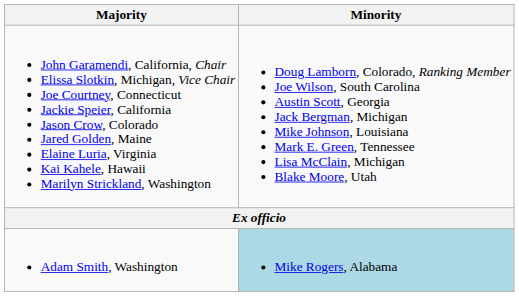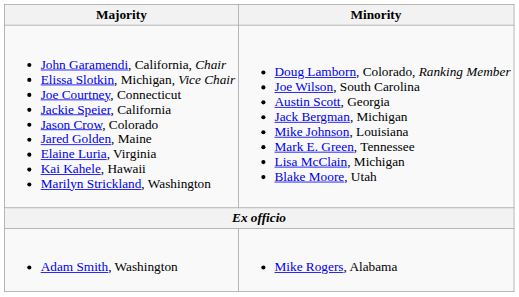 <table class=wikitable>
 <tr>
 <th>Majority</th>
 <th>Minority</th>
 </tr>
 <tr>
 <td><br><ul><li><a href='#'>John Garamendi</a>, California, <em>Chair</em></li><li><a href='#'>Elissa Slotkin</a>, Michigan, <em>Vice Chair</em></li><li><a href='#'>Joe Courtney</a>, Connecticut</li><li><a href='#'>Jackie Speier</a>, California</li><li><a href='#'>Jason Crow</a>, Colorado</li><li><a href='#'>Jared Golden</a>, Maine</li><li><a href='#'>Elaine Luria</a>, Virginia</li><li><a href='#'>Kai Kahele</a>, Hawaii</li><li><a href='#'>Marilyn Strickland</a>, Washington</li></ul></td>
 <td><br><ul><li><a href='#'>Doug Lamborn</a>, Colorado, <em>Ranking Member</em></li><li><a href='#'>Joe Wilson</a>, South Carolina</li><li><a href='#'>Austin Scott</a>, Georgia</li><li><a href='#'>Jack Bergman</a>, Michigan</li><li><a href='#'>Mike Johnson</a>, Louisiana</li><li><a href='#'>Mark E. Green</a>, Tennessee</li><li><a href='#'>Lisa McClain</a>, Michigan</li><li><a href='#'>Blake Moore</a>, Utah</li></ul></td>
 </tr>
 <tr>
 <th colspan=2><em>Ex officio</em></th>
 </tr>
 <tr>
 <td><br><ul><li><a href='#'>Adam Smith</a>, Washington</li></ul></td>
-<td style="background: lightblue;"><br><ul><li><a href='#'>Mike Rogers</a>, Alabama</li></ul></td>
+<td><br><ul><li><a href='#'>Mike Rogers</a>, Alabama</li></ul></td>
 </tr>
 </table>
